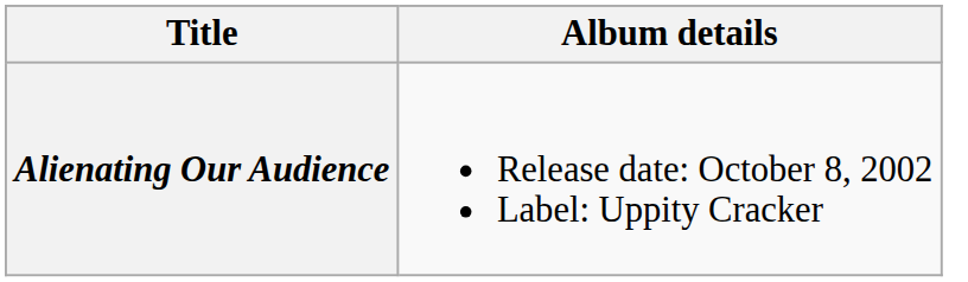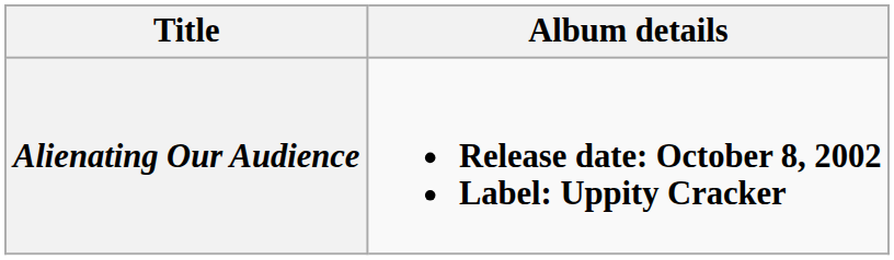 <table class="wikitable plainrowheaders">
 <tr>
 <th scope="col">Title</th>
 <th scope="col">Album details</th>
 </tr>
 <tr>
 <th scope="row"><em>Alienating Our Audience</em></th>
-<td><br><ul><li>Release date: October 8, 2002</li><li>Label: Uppity Cracker</li></ul></td>
+<td><strong><br><ul><li>Release date: October 8, 2002</li><li>Label: Uppity Cracker</li></ul></strong></td>
 </tr>
 </table>
